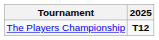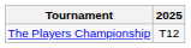 <table class="wikitable" style="font-size:95%;text-align:center;">
 <tr>
 <th>Tournament</th>
 <th>2025</th>
 </tr>
 <tr>
 <td align=left><a href='#'>The Players Championship</a></td>
-<td><strong>T12</strong></td>
+<td>T12</td>
 </tr>
 </table>
